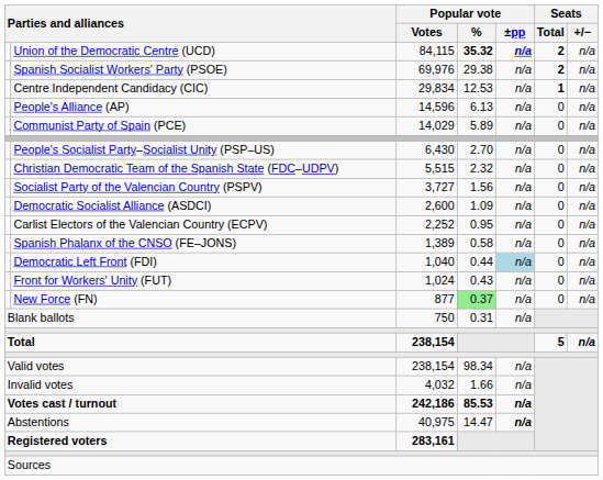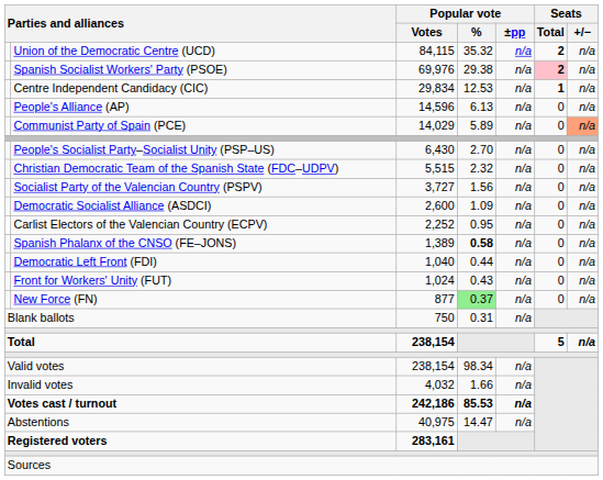 <table class="wikitable" style="text-align:right;">
 <tr>
 <th style="text-align:left;" rowspan="2" colspan="2" width="525">Parties and alliances</th>
 <th colspan="3">Popular vote</th>
 <th colspan="2">Seats</th>
 </tr>
 <tr>
 <th width="75">Votes</th>
 <th width="45">%</th>
 <th width="45">±<a href='#'>pp</a></th>
 <th width="35">Total</th>
 <th width="35">+/−</th>
 </tr>
 <tr>
 <td width="1" style="color:inherit;background:"></td>
 <td align="left"><a href='#'>Union of the Democratic Centre</a> (UCD)</td>
 <td>84,115</td>
-<td><strong>35.32</strong></td>
-<td><strong><em><a href='#'>n/a</a></em></strong></td>
+<td>35.32</td>
+<td><em><a href='#'>n/a</a></em></td>
 <td><strong>2</strong></td>
 <td><em>n/a</em></td>
 </tr>
 <tr>
 <td style="color:inherit;background:"></td>
 <td align="left"><a href='#'>Spanish Socialist Workers' Party</a> (PSOE)</td>
 <td>69,976</td>
 <td>29.38</td>
 <td><em>n/a</em></td>
-<td><strong>2</strong></td>
+<td style="background: pink;"><strong>2</strong></td>
 <td><em>n/a</em></td>
 </tr>
 <tr>
 <td style="color:inherit;background:"></td>
 <td align="left">Centre Independent Candidacy (CIC)</td>
 <td>29,834</td>
 <td>12.53</td>
 <td><em>n/a</em></td>
 <td><strong>1</strong></td>
 <td><em>n/a</em></td>
 </tr>
 <tr>
 <td style="color:inherit;background:"></td>
 <td align="left"><a href='#'>People's Alliance</a> (AP)</td>
 <td>14,596</td>
 <td>6.13</td>
 <td><em>n/a</em></td>
 <td>0</td>
 <td><em>n/a</em></td>
 </tr>
 <tr>
 <td style="color:inherit;background:"></td>
 <td align="left"><a href='#'>Communist Party of Spain</a> (PCE)</td>
 <td>14,029</td>
 <td>5.89</td>
 <td><em>n/a</em></td>
 <td>0</td>
-<td><em>n/a</em></td>
+<td style="background: lightsalmon;"><em>n/a</em></td>
 </tr>
 <tr>
 <td colspan="7" bgcolor="#C0C0C0"></td>
 </tr>
 <tr>
 <td style="color:inherit;background:"></td>
 <td align="left"><a href='#'>People's Socialist Party</a>–<a href='#'>Socialist Unity</a> (PSP–US)</td>
 <td>6,430</td>
 <td>2.70</td>
 <td><em>n/a</em></td>
 <td>0</td>
 <td><em>n/a</em></td>
 </tr>
 <tr>
 <td style="color:inherit;background:"></td>
 <td align="left"><a href='#'>Christian Democratic Team of the Spanish State</a> (<a href='#'>FDC</a>–<a href='#'>UDPV</a>)</td>
 <td>5,515</td>
 <td>2.32</td>
 <td><em>n/a</em></td>
 <td>0</td>
 <td><em>n/a</em></td>
 </tr>
 <tr>
 <td style="color:inherit;background:"></td>
 <td align="left"><a href='#'>Socialist Party of the Valencian Country</a> (PSPV)</td>
 <td>3,727</td>
 <td>1.56</td>
 <td><em>n/a</em></td>
 <td>0</td>
 <td><em>n/a</em></td>
 </tr>
 <tr>
 <td style="color:inherit;background:"></td>
 <td align="left"><a href='#'>Democratic Socialist Alliance</a> (ASDCI)</td>
 <td>2,600</td>
 <td>1.09</td>
 <td><em>n/a</em></td>
 <td>0</td>
 <td><em>n/a</em></td>
 </tr>
 <tr>
 <td bgcolor="white"></td>
 <td align="left">Carlist Electors of the Valencian Country (ECPV)</td>
 <td>2,252</td>
 <td>0.95</td>
 <td><em>n/a</em></td>
 <td>0</td>
 <td><em>n/a</em></td>
 </tr>
 <tr>
 <td style="color:inherit;background:"></td>
 <td align="left"><a href='#'>Spanish Phalanx of the CNSO</a> (FE–JONS)</td>
 <td>1,389</td>
-<td>0.58</td>
+<td><strong>0.58</strong></td>
 <td><em>n/a</em></td>
 <td>0</td>
 <td><em>n/a</em></td>
 </tr>
 <tr>
 <td style="color:inherit;background:"></td>
 <td align="left"><a href='#'>Democratic Left Front</a> (FDI)</td>
 <td>1,040</td>
 <td>0.44</td>
-<td style="background: lightblue;"><em>n/a</em></td>
+<td><em>n/a</em></td>
 <td>0</td>
 <td><em>n/a</em></td>
 </tr>
 <tr>
 <td style="color:inherit;background:"></td>
 <td align="left"><a href='#'>Front for Workers' Unity</a> (FUT)</td>
 <td>1,024</td>
 <td>0.43</td>
 <td><em>n/a</em></td>
 <td>0</td>
 <td><em>n/a</em></td>
 </tr>
 <tr>
 <td style="color:inherit;background:"></td>
 <td align="left"><a href='#'>New Force</a> (FN)</td>
 <td>877</td>
 <td style="background: lightgreen;">0.37</td>
 <td><em>n/a</em></td>
 <td>0</td>
 <td><em>n/a</em></td>
 </tr>
 <tr>
 <td align="left" colspan="2">Blank ballots</td>
 <td>750</td>
 <td>0.31</td>
 <td><em>n/a</em></td>
 <td bgcolor="#E9E9E9" colspan="2"></td>
 </tr>
 <tr>
 <td colspan="7" bgcolor="#E9E9E9"></td>
 </tr>
 <tr style="font-weight:bold;">
 <td align="left" colspan="2">Total</td>
 <td>238,154</td>
 <td bgcolor="#E9E9E9" colspan="2"></td>
 <td>5</td>
 <td><em>n/a</em></td>
 </tr>
 <tr>
 <td colspan="7" bgcolor="#E9E9E9"></td>
 </tr>
 <tr>
 <td align="left" colspan="2">Valid votes</td>
 <td>238,154</td>
 <td>98.34</td>
 <td><em>n/a</em></td>
 <td bgcolor="#E9E9E9" colspan="2" rowspan="5"></td>
 </tr>
 <tr>
 <td align="left" colspan="2">Invalid votes</td>
 <td>4,032</td>
 <td>1.66</td>
 <td><em>n/a</em></td>
 </tr>
 <tr style="font-weight:bold;">
 <td align="left" colspan="2">Votes cast / turnout</td>
 <td>242,186</td>
 <td>85.53</td>
 <td><em>n/a</em></td>
 </tr>
 <tr>
 <td align="left" colspan="2">Abstentions</td>
 <td>40,975</td>
 <td>14.47</td>
-<td><strong><em>n/a</em></strong></td>
+<td><em>n/a</em></td>
 </tr>
 <tr style="font-weight:bold;">
 <td align="left" colspan="2">Registered voters</td>
 <td>283,161</td>
 <td bgcolor="#E9E9E9" colspan="2"></td>
 </tr>
 <tr>
 <td colspan="7" bgcolor="#E9E9E9"></td>
 </tr>
 <tr>
 <td align="left" colspan="7">Sources</td>
 </tr>
 </table>
